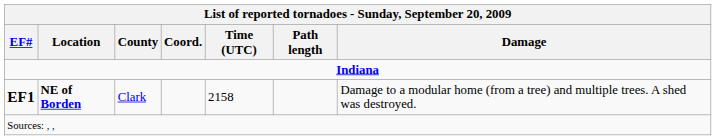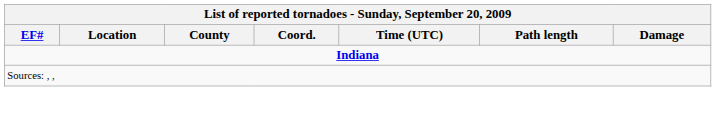 <table class="wikitable collapsible" width="100%">
 <tr>
 <th colspan="7">List of reported tornadoes - Sunday, September 20, 2009</th>
 </tr>
 <tr>
 <th><a href='#'>EF#</a></th>
 <th>Location</th>
 <th>County</th>
 <th>Coord.</th>
 <th>Time (UTC)</th>
 <th>Path length</th>
 <th>Damage</th>
 </tr>
 <tr>
 <td colspan="7" align=center><strong><a href='#'>Indiana</a></strong></td>
 </tr>
 <tr>
-<td><big><strong>EF1</strong></big></td>
-<td><strong>NE of <a href='#'>Borden</a></strong></td>
-<td><a href='#'>Clark</a></td>
-<td></td>
-<td>2158</td>
-<td></td>
-<td>Damage to a modular home (from a tree) and multiple trees. A shed was destroyed.</td>
-</tr>
-<tr>
 <td colspan="7"><small>Sources: , , </small></td>
 </tr>
 </table>
